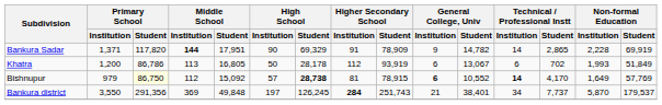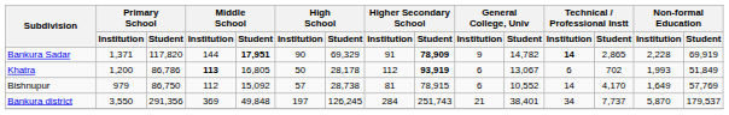 <table class="wikitable" style="text-align:center;font-size: 9pt">
 <tr>
 <th width="110" rowspan="2">Subdivision</th>
 <th colspan="2">Primary<br>School</th>
 <th colspan="2">Middle<br>School</th>
 <th colspan="2">High<br>School</th>
 <th colspan="2">Higher Secondary<br>School</th>
 <th colspan="2">General<br>College, Univ</th>
 <th colspan="2">Technical /<br>Professional Instt</th>
 <th colspan="2">Non-formal<br>Education</th>
 </tr>
 <tr>
 <th width="30">Institution</th>
 <th width="30">Student</th>
 <th width="30">Institution</th>
 <th width="30">Student</th>
 <th width="30">Institution</th>
 <th width="30">Student</th>
 <th width="30">Institution</th>
 <th width="30">Student</th>
 <th width="30">Institution</th>
 <th width="30">Student</th>
 <th width="30">Institution</th>
 <th width="30">Student</th>
 <th width="30">Institution</th>
 <th width="30">Student<br></th>
 </tr>
 <tr>
 <td align=left><a href='#'>Bankura Sadar</a></td>
 <td align="center">1,371</td>
 <td align="center">117,820</td>
-<td align="center"><strong>144</strong></td>
-<td align="center">17,951</td>
+<td align="center">144</td>
+<td align="center"><strong>17,951</strong></td>
 <td align="center">90</td>
 <td align="center">69,329</td>
 <td align="center">91</td>
-<td align="center">78,909</td>
+<td align="center"><strong>78,909</strong></td>
 <td align="center">9</td>
 <td align="center">14,782</td>
-<td align="center">14</td>
+<td align="center"><strong>14</strong></td>
 <td align="center">2,865</td>
 <td align="center">2,228</td>
 <td align="center">69,919</td>
 </tr>
 <tr>
 <td align=left><a href='#'>Khatra</a></td>
 <td align="center">1,200</td>
 <td align="center">86,786</td>
-<td align="center">113</td>
+<td align="center"><strong>113</strong></td>
 <td align="center">16,805</td>
 <td align="center">50</td>
 <td align="center">28,178</td>
 <td align="center">112</td>
-<td align="center">93,919</td>
+<td align="center"><strong>93,919</strong></td>
 <td align="center">6</td>
 <td align="center">13,067</td>
 <td align="center">6</td>
 <td align="center">702</td>
 <td align="center">1,993</td>
 <td align="center">51,849</td>
 </tr>
 <tr>
 <td align=left>Bishnupur</td>
 <td align="center">979</td>
-<td align="center" style="background: lightyellow;">86,750</td>
+<td align="center">86,750</td>
 <td align="center">112</td>
 <td align="center">15,092</td>
 <td align="center">57</td>
-<td align="center"><strong>28,738</strong></td>
+<td align="center">28,738</td>
 <td align="center">81</td>
 <td align="center">78,915</td>
-<td align="center"><strong>6</strong></td>
+<td align="center">6</td>
 <td align="center">10,552</td>
-<td align="center"><strong>14</strong></td>
+<td align="center">14</td>
 <td align="center">4,170</td>
 <td align="center">1,649</td>
 <td align="center">57,769</td>
 </tr>
 <tr>
 <td align=left><a href='#'>Bankura district</a></td>
 <td align="center">3,550</td>
 <td align="center">291,356</td>
 <td align="center">369</td>
 <td align="center">49,848</td>
 <td align="center">197</td>
 <td align="center">126,245</td>
-<td align="center"><strong>284</strong></td>
+<td align="center">284</td>
 <td align="center">251,743</td>
 <td align="center">21</td>
 <td align="center">38,401</td>
 <td align="center">34</td>
 <td align="center">7,737</td>
 <td align="center">5,870</td>
 <td align="center">179,537</td>
 </tr>
 <tr>
 </tr>
 </table>
